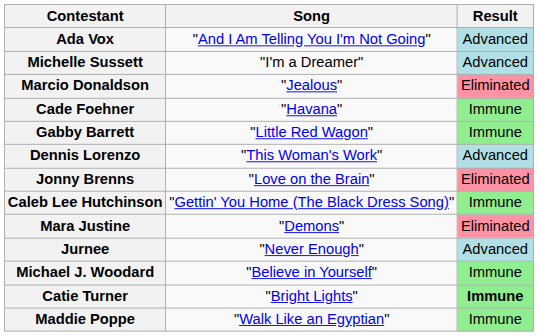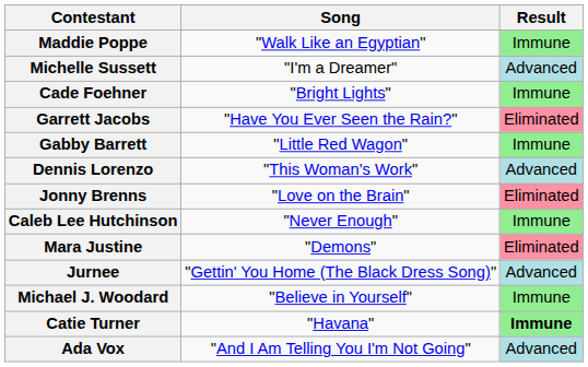 <table class="wikitable" style="text-align:center">
 <tr>
 <th scope="col">Contestant</th>
 <th scope="col">Song</th>
 <th scope="col">Result</th>
 </tr>
 <tr>
-<th scope="row">Ada Vox</th>
-<td>"<a href='#'>And I Am Telling You I'm Not Going</a>"</td>
-<td style="background:#B0E0E6;">Advanced</td>
+<th scope="row">Maddie Poppe</th>
+<td>"<a href='#'>Walk Like an Egyptian</a>"</td>
+<td style="background:lightgreen;">Immune</td>
 </tr>
 <tr>
 <th scope="row">Michelle Sussett</th>
 <td>"I'm a Dreamer"</td>
 <td style="background:#B0E0E6;">Advanced</td>
 </tr>
 <tr>
-<th scope="row">Marcio Donaldson</th>
-<td>"<a href='#'>Jealous</a>"</td>
-<td style="background:#FF91A4;">Eliminated</td>
+<th scope="row">Cade Foehner</th>
+<td>"<a href='#'>Bright Lights</a>"</td>
+<td style="background:lightgreen;">Immune</td>
 </tr>
 <tr>
-<th scope="row">Cade Foehner</th>
-<td>"<a href='#'>Havana</a>"</td>
-<td style="background:lightgreen;">Immune</td>
+<th scope="row">Garrett Jacobs</th>
+<td>"<a href='#'>Have You Ever Seen the Rain?</a>"</td>
+<td style="background:#FF91A4;">Eliminated</td>
 </tr>
 <tr>
 <th scope="row">Gabby Barrett</th>
 <td>"<a href='#'>Little Red Wagon</a>"</td>
 <td style="background:lightgreen;">Immune</td>
 </tr>
 <tr>
 <th scope="row">Dennis Lorenzo</th>
 <td>"<a href='#'>This Woman's Work</a>"</td>
 <td style="background:#B0E0E6;">Advanced</td>
 </tr>
 <tr>
 <th scope="row">Jonny Brenns</th>
 <td>"<a href='#'>Love on the Brain</a>"</td>
 <td style="background:#FF91A4;">Eliminated</td>
 </tr>
 <tr>
 <th scope="row">Caleb Lee Hutchinson</th>
-<td>"<a href='#'>Gettin' You Home (The Black Dress Song)</a>"</td>
+<td>"<a href='#'>Never Enough</a>"</td>
 <td style="background:lightgreen;">Immune</td>
 </tr>
 <tr>
 <th scope="row">Mara Justine</th>
 <td>"<a href='#'>Demons</a>"</td>
 <td style="background:#FF91A4;">Eliminated</td>
 </tr>
 <tr>
 <th scope="row">Jurnee</th>
-<td>"<a href='#'>Never Enough</a>"</td>
+<td>"<a href='#'>Gettin' You Home (The Black Dress Song)</a>"</td>
 <td style="background:#B0E0E6;">Advanced</td>
 </tr>
 <tr>
 <th scope="row">Michael J. Woodard</th>
 <td>"<a href='#'>Believe in Yourself</a>"</td>
 <td style="background:lightgreen;">Immune</td>
 </tr>
 <tr>
 <th scope="row">Catie Turner</th>
-<td>"<a href='#'>Bright Lights</a>"</td>
+<td>"<a href='#'>Havana</a>"</td>
 <td style="background:lightgreen;"><strong>Immune</strong></td>
 </tr>
 <tr>
-<th scope="row">Maddie Poppe</th>
-<td>"<a href='#'>Walk Like an Egyptian</a>"</td>
-<td style="background:lightgreen;">Immune</td>
+<th scope="row">Ada Vox</th>
+<td>"<a href='#'>And I Am Telling You I'm Not Going</a>"</td>
+<td style="background:#B0E0E6;">Advanced</td>
 </tr>
 </table>
